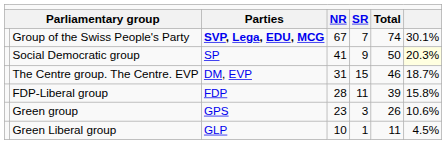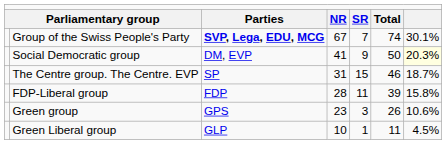 <table class="wikitable" style="text-align:right;">
 <tr>
 <td colspan="7" style="text-align:center;"></td>
 </tr>
 <tr>
 <th colspan="2">Parliamentary group</th>
 <th>Parties</th>
 <th><a href='#'>NR</a></th>
 <th><a href='#'>SR</a></th>
 <th>Total</th>
 <th></th>
 </tr>
 <tr>
 <td style="background-color:"></td>
 <td style="text-align:left;">Group of the Swiss People's Party</td>
 <td style="text-align:left;"><strong><a href='#'>SVP</a>, <a href='#'>Lega</a>, <a href='#'>EDU</a>, <a href='#'>MCG</a></strong></td>
 <td>67</td>
 <td>7</td>
 <td>74</td>
 <td>30.1%</td>
 </tr>
 <tr>
 <td style="background-color:"></td>
 <td style="text-align:left;">Social Democratic group</td>
-<td style="text-align:left;"><a href='#'>SP</a></td>
+<td style="text-align:left;"><a href='#'>DM</a>, <a href='#'>EVP</a></td>
 <td>41</td>
 <td>9</td>
 <td>50</td>
 <td style="background: lightyellow;">20.3%</td>
 </tr>
 <tr>
 <td style="background-color:"></td>
 <td style="text-align:left;">The Centre group. The Centre. EVP</td>
-<td style="text-align:left;"><a href='#'>DM</a>, <a href='#'>EVP</a></td>
+<td style="text-align:left;"><a href='#'>SP</a></td>
 <td>31</td>
 <td>15</td>
 <td>46</td>
 <td>18.7%</td>
 </tr>
 <tr>
 <td style="background-color:"></td>
 <td style="text-align:left;">FDP-Liberal group</td>
 <td style="text-align:left;"><a href='#'>FDP</a></td>
 <td>28</td>
 <td>11</td>
 <td>39</td>
 <td>15.8%</td>
 </tr>
 <tr>
 <td style="background-color:"></td>
 <td style="text-align:left;">Green group</td>
 <td style="text-align:left;"><a href='#'>GPS</a></td>
 <td>23</td>
 <td>3</td>
 <td>26</td>
 <td>10.6%</td>
 </tr>
 <tr>
 <td style="background-color:"></td>
 <td style="text-align:left;">Green Liberal group</td>
 <td style="text-align:left;"><a href='#'>GLP</a></td>
 <td>10</td>
 <td>1</td>
 <td>11</td>
 <td>4.5%</td>
 </tr>
 </table>
